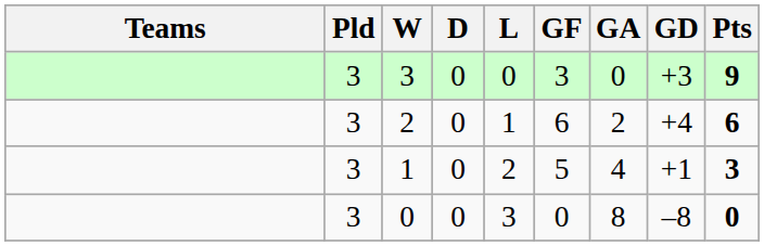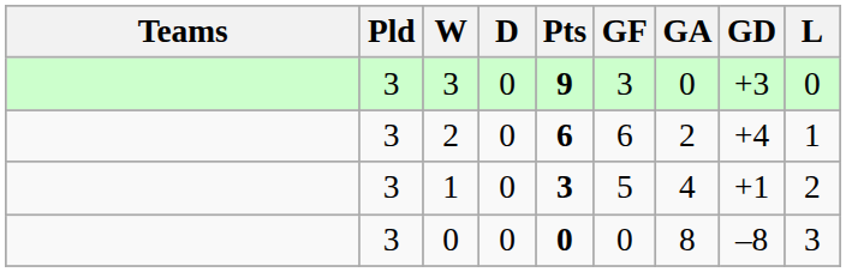 <table class="wikitable" style="text-align: center;">
 <tr>
 <th width=165>Teams</th>
 <th width=20>Pld</th>
 <th width=20>W</th>
 <th width=20>D</th>
-<th width=20>L</th>
+<th width=20>Pts</th>
 <th width=20>GF</th>
 <th width=20>GA</th>
 <th width=20>GD</th>
-<th width=20>Pts</th>
+<th width=20>L</th>
 </tr>
 <tr align=center style="background:#ccffcc;">
 <td style="text-align:left;"></td>
 <td>3</td>
 <td>3</td>
 <td>0</td>
-<td>0</td>
+<td><strong>9</strong></td>
 <td>3</td>
 <td>0</td>
 <td>+3</td>
-<td><strong>9</strong></td>
+<td>0</td>
 </tr>
 <tr align=center>
 <td style="text-align:left;"></td>
 <td>3</td>
 <td>2</td>
 <td>0</td>
-<td>1</td>
+<td><strong>6</strong></td>
 <td>6</td>
 <td>2</td>
 <td>+4</td>
-<td><strong>6</strong></td>
+<td>1</td>
 </tr>
 <tr align=center>
 <td style="text-align:left;"></td>
 <td>3</td>
 <td>1</td>
 <td>0</td>
-<td>2</td>
+<td><strong>3</strong></td>
 <td>5</td>
 <td>4</td>
 <td>+1</td>
-<td><strong>3</strong></td>
+<td>2</td>
 </tr>
 <tr align=center>
 <td style="text-align:left;"></td>
 <td>3</td>
 <td>0</td>
 <td>0</td>
-<td>3</td>
+<td><strong>0</strong></td>
 <td>0</td>
 <td>8</td>
 <td>–8</td>
-<td><strong>0</strong></td>
+<td>3</td>
 </tr>
 </table>
